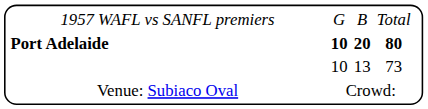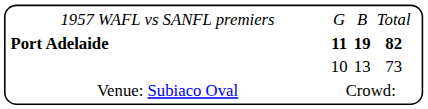 <table style="margin-right:4px; margin-top:8px; float:right; border:1px #000 solid; border-radius:8px; background:#fff; font-family:Verdana; font-size:8pt; text-align:center;">
 <tr>
 <td width=200><em>1957 WAFL vs SANFL premiers</em></td>
 <td><em>G</em></td>
 <td><em>B</em></td>
 <td><em>Total</em></td>
 </tr>
 <tr>
 <td style="text-align:left"><strong>Port Adelaide</strong></td>
-<td><strong>10</strong></td>
-<td><strong>20</strong></td>
-<td><strong>80</strong></td>
+<td><strong>11</strong></td>
+<td><strong>19</strong></td>
+<td><strong>82</strong></td>
 </tr>
 <tr>
 <td style="text-align:left"></td>
 <td>10</td>
 <td>13</td>
 <td>73</td>
 </tr>
 <tr>
 <td>Venue: <a href='#'>Subiaco Oval</a></td>
 <td colspan=3>Crowd:</td>
 <td colspan=3></td>
 </tr>
 </table>
